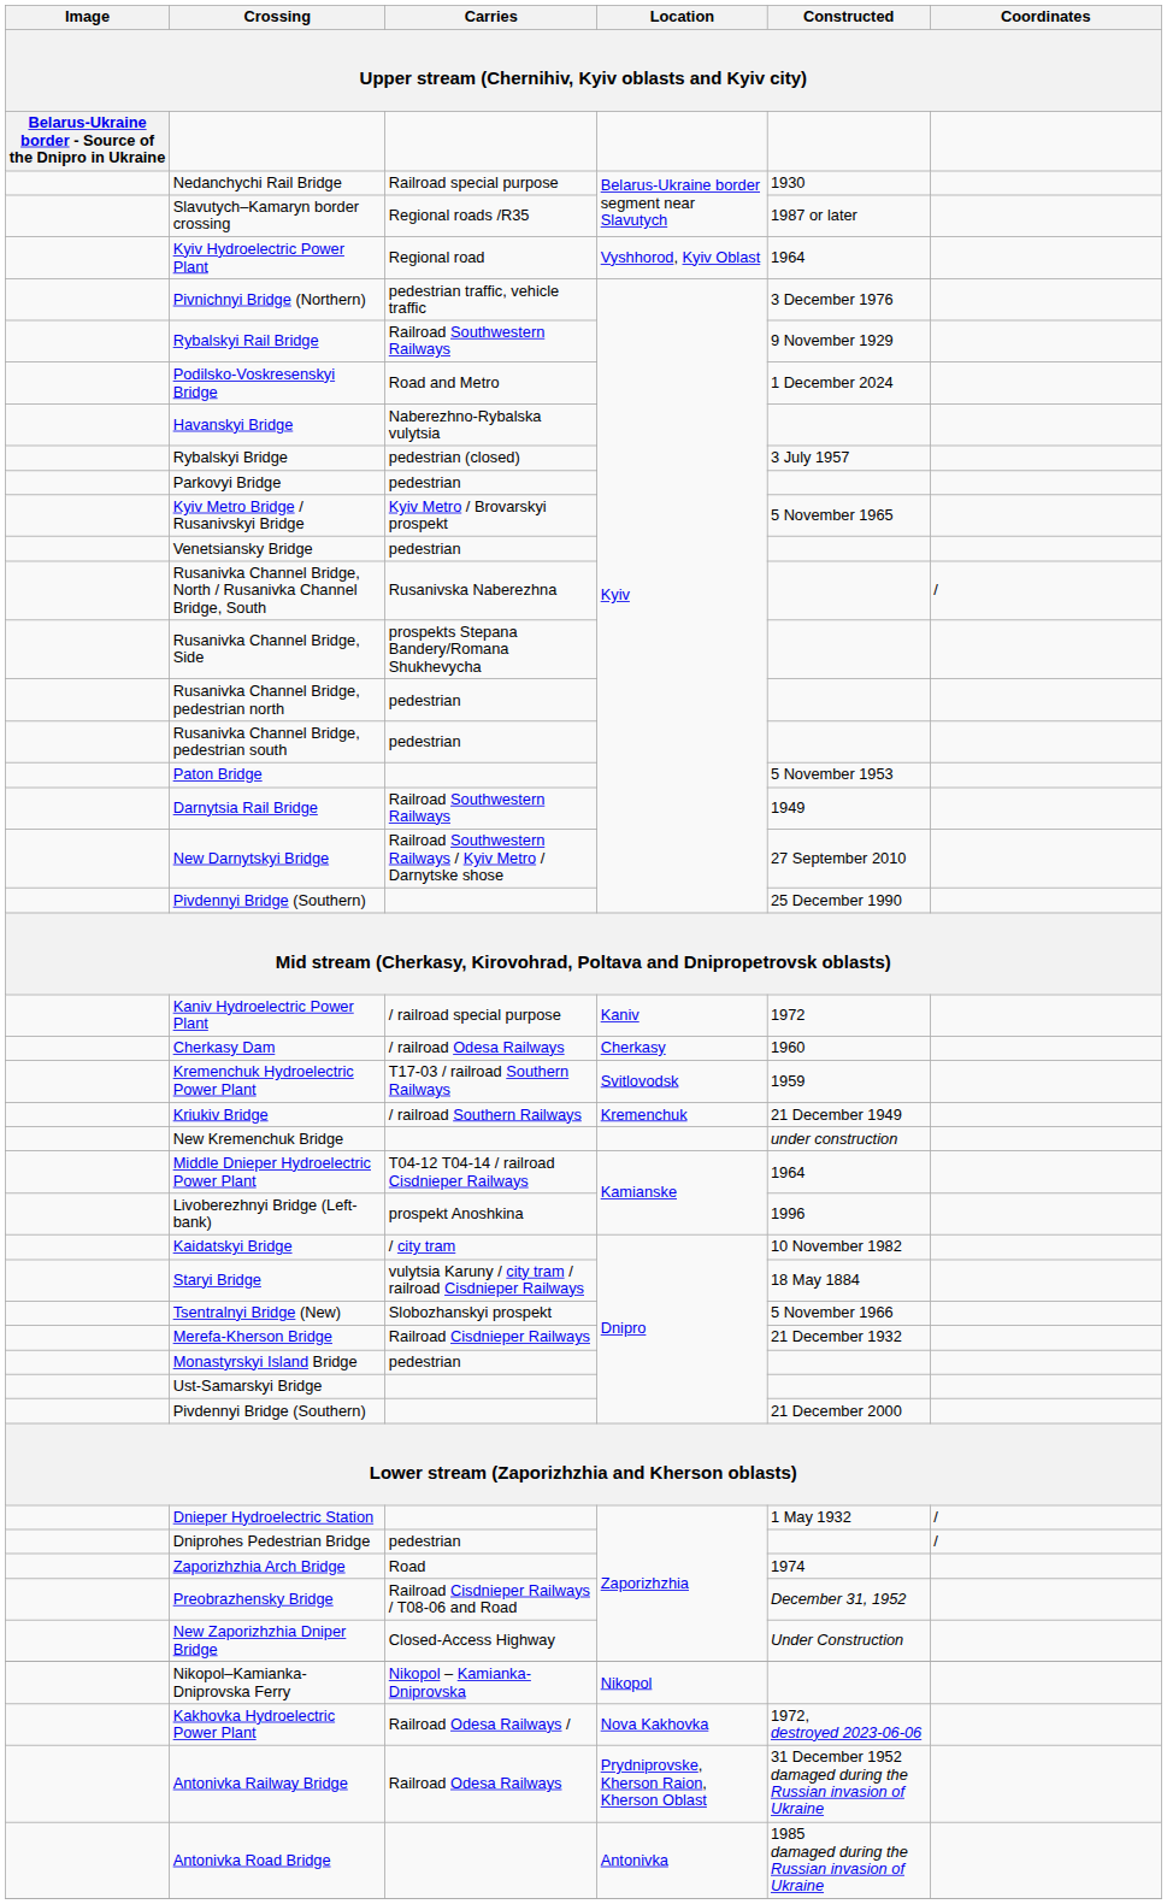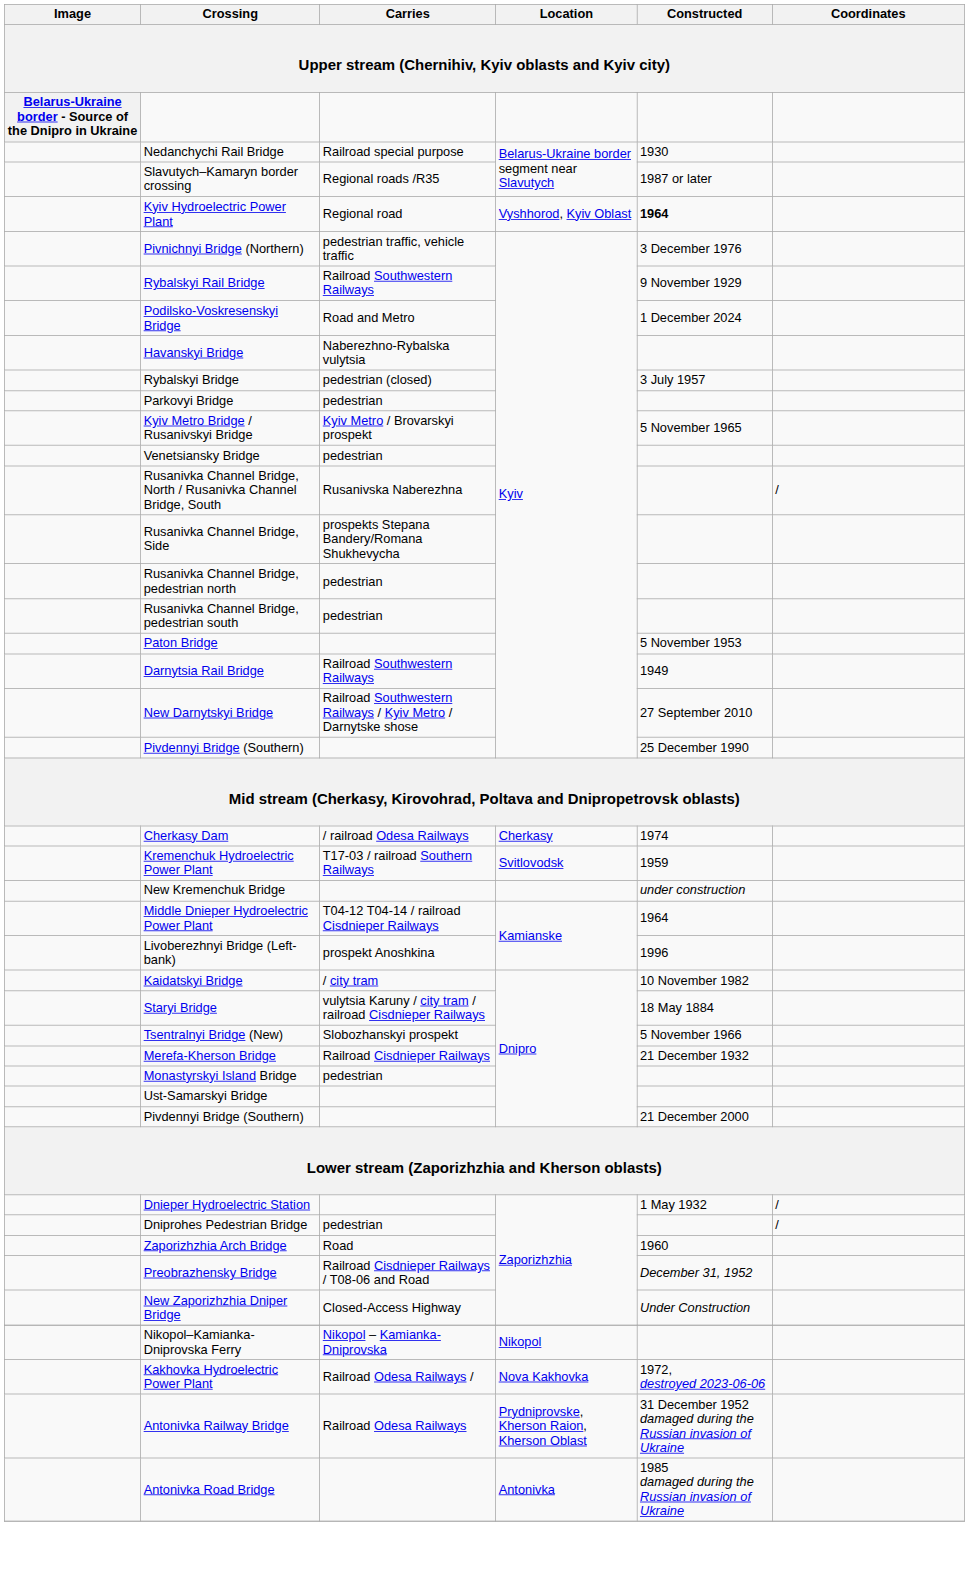 <table class="wikitable" width="95%">
 <tr>
 <th>Image</th>
 <th>Crossing</th>
 <th>Carries</th>
 <th>Location</th>
 <th>Constructed</th>
 <th width="20%">Coordinates</th>
 </tr>
 <tr>
 <th colspan="6"><br><h3>Upper stream (Chernihiv, Kyiv oblasts and Kyiv city)</h3></th>
 </tr>
 <tr>
 <th><a href='#'>Belarus-Ukraine border</a> - Source of the Dnipro in Ukraine</th>
 <td></td>
 <td></td>
 <td></td>
 <td></td>
 <td></td>
 </tr>
 <tr>
 <td></td>
 <td>Nedanchychi Rail Bridge</td>
 <td>Railroad special purpose</td>
 <td rowspan=2><a href='#'>Belarus-Ukraine border</a> segment near <a href='#'>Slavutych</a></td>
 <td>1930</td>
 <td></td>
 </tr>
 <tr>
 <td></td>
 <td>Slavutych–Kamaryn border crossing</td>
 <td>Regional roads /R35</td>
 <td>1987 or later</td>
 <td></td>
 </tr>
 <tr>
 <td></td>
 <td><a href='#'>Kyiv Hydroelectric Power Plant</a></td>
 <td>Regional road </td>
 <td><a href='#'>Vyshhorod</a>, <a href='#'>Kyiv Oblast</a></td>
-<td>1964</td>
+<td><strong>1964</strong></td>
 <td></td>
 </tr>
 <tr>
 <td></td>
 <td><a href='#'>Pivnichnyi Bridge</a> (Northern)</td>
 <td>pedestrian traffic, vehicle traffic</td>
 <td rowspan=16><a href='#'>Kyiv</a></td>
 <td>3 December 1976</td>
 <td></td>
 </tr>
 <tr>
 <td></td>
 <td><a href='#'>Rybalskyi Rail Bridge</a></td>
 <td>Railroad <a href='#'>Southwestern Railways</a></td>
 <td>9 November 1929</td>
 <td></td>
 </tr>
 <tr>
 <td></td>
 <td><a href='#'>Podilsko-Voskresenskyi Bridge</a></td>
 <td>Road and Metro</td>
 <td>1 December 2024</td>
 <td></td>
 </tr>
 <tr>
 <td></td>
 <td><a href='#'>Havanskyi Bridge</a></td>
 <td>Naberezhno-Rybalska vulytsia</td>
 <td></td>
 <td></td>
 </tr>
 <tr>
 <td></td>
 <td>Rybalskyi Bridge</td>
 <td>pedestrian (closed)</td>
 <td>3 July 1957</td>
 <td></td>
 </tr>
 <tr>
 <td></td>
 <td>Parkovyi Bridge</td>
 <td>pedestrian</td>
 <td></td>
 <td></td>
 </tr>
 <tr>
 <td></td>
 <td><a href='#'>Kyiv Metro Bridge</a> / Rusanivskyi Bridge</td>
 <td><a href='#'>Kyiv Metro</a> / Brovarskyi prospekt</td>
 <td>5 November 1965</td>
 <td></td>
 </tr>
 <tr>
 <td></td>
 <td>Venetsiansky Bridge</td>
 <td>pedestrian</td>
 <td></td>
 <td></td>
 </tr>
 <tr>
 <td></td>
 <td>Rusanivka Channel Bridge, North / Rusanivka Channel Bridge, South</td>
 <td>Rusanivska Naberezhna</td>
 <td></td>
 <td> / </td>
 </tr>
 <tr>
 <td></td>
 <td>Rusanivka Channel Bridge, Side</td>
 <td>prospekts Stepana Bandery/Romana Shukhevycha</td>
 <td></td>
 <td></td>
 </tr>
 <tr>
 <td></td>
 <td>Rusanivka Channel Bridge, pedestrian north</td>
 <td>pedestrian</td>
 <td></td>
 <td></td>
 </tr>
 <tr>
 <td></td>
 <td>Rusanivka Channel Bridge, pedestrian south</td>
 <td>pedestrian</td>
 <td></td>
 <td></td>
 </tr>
 <tr>
 <td></td>
 <td><a href='#'>Paton Bridge</a></td>
 <td></td>
 <td>5 November 1953</td>
 <td></td>
 </tr>
 <tr>
 <td></td>
 <td><a href='#'>Darnytsia Rail Bridge</a></td>
 <td>Railroad <a href='#'>Southwestern Railways</a></td>
 <td>1949</td>
 <td></td>
 </tr>
 <tr>
 <td></td>
 <td><a href='#'>New Darnytskyi Bridge</a></td>
 <td>Railroad <a href='#'>Southwestern Railways</a> / <a href='#'>Kyiv Metro</a> / Darnytske shose</td>
 <td>27 September 2010</td>
 <td></td>
 </tr>
 <tr>
 <td></td>
 <td><a href='#'>Pivdennyi Bridge</a> (Southern)</td>
 <td></td>
 <td>25 December 1990</td>
 <td></td>
 </tr>
 <tr>
 <th colspan="6"><br><h3>Mid stream (Cherkasy, Kirovohrad, Poltava and Dnipropetrovsk oblasts)</h3></th>
 </tr>
 <tr>
 <td></td>
-<td><a href='#'>Kaniv Hydroelectric Power Plant</a></td>
-<td>/ railroad special purpose</td>
-<td><a href='#'>Kaniv</a></td>
-<td>1972</td>
-<td></td>
-</tr>
-<tr>
-<td></td>
 <td><a href='#'>Cherkasy Dam</a></td>
 <td> / railroad <a href='#'>Odesa Railways</a></td>
 <td><a href='#'>Cherkasy</a></td>
-<td>1960</td>
+<td>1974</td>
 <td></td>
 </tr>
 <tr>
 <td></td>
 <td><a href='#'>Kremenchuk Hydroelectric Power Plant</a></td>
 <td>T17-03 / railroad <a href='#'>Southern Railways</a></td>
 <td><a href='#'>Svitlovodsk</a></td>
 <td>1959</td>
-<td></td>
-</tr>
-<tr>
-<td></td>
-<td><a href='#'>Kriukiv Bridge</a></td>
-<td>  / railroad <a href='#'>Southern Railways</a></td>
-<td><a href='#'>Kremenchuk</a></td>
-<td>21 December 1949</td>
 <td></td>
 </tr>
 <tr>
 <td></td>
 <td>New Kremenchuk Bridge</td>
 <td></td>
 <td></td>
 <td><em>under construction</em></td>
 <td></td>
 </tr>
 <tr>
 <td></td>
 <td><a href='#'>Middle Dnieper Hydroelectric Power Plant</a></td>
 <td>T04-12 T04-14 / railroad <a href='#'>Cisdnieper Railways</a></td>
 <td rowspan="2"><a href='#'>Kamianske</a></td>
 <td>1964</td>
 <td></td>
 </tr>
 <tr>
 <td></td>
 <td>Livoberezhnyi Bridge (Left-bank)</td>
 <td>prospekt Anoshkina</td>
 <td>1996</td>
 <td></td>
 </tr>
 <tr>
 <td></td>
 <td><a href='#'>Kaidatskyi Bridge</a></td>
 <td>  / <a href='#'>city tram</a></td>
 <td rowspan="7"><a href='#'>Dnipro</a></td>
 <td>10 November 1982</td>
 <td></td>
 </tr>
 <tr>
 <td></td>
 <td><a href='#'>Staryi Bridge</a></td>
 <td>vulytsia Karuny / <a href='#'>city tram</a> / railroad <a href='#'>Cisdnieper Railways</a></td>
 <td>18 May 1884</td>
 <td></td>
 </tr>
 <tr>
 <td></td>
 <td><a href='#'>Tsentralnyi Bridge</a> (New)</td>
 <td>Slobozhanskyi prospekt</td>
 <td>5 November 1966</td>
 <td></td>
 </tr>
 <tr>
 <td></td>
 <td><a href='#'>Merefa-Kherson Bridge</a></td>
 <td>Railroad <a href='#'>Cisdnieper Railways</a></td>
 <td>21 December 1932</td>
 <td></td>
 </tr>
 <tr>
 <td></td>
 <td><a href='#'>Monastyrskyi Island</a> Bridge</td>
 <td>pedestrian</td>
 <td></td>
 <td></td>
 </tr>
 <tr>
 <td></td>
 <td>Ust-Samarskyi Bridge</td>
 <td></td>
 <td></td>
 <td></td>
 </tr>
 <tr>
 <td></td>
 <td>Pivdennyi Bridge (Southern)</td>
 <td></td>
 <td>21 December 2000</td>
 <td></td>
 </tr>
 <tr>
 <th colspan="6"><br><h3>Lower stream (Zaporizhzhia and Kherson oblasts)</h3></th>
 </tr>
 <tr>
 <td></td>
 <td><a href='#'>Dnieper Hydroelectric Station</a></td>
 <td></td>
 <td rowspan="5"><a href='#'>Zaporizhzhia</a></td>
 <td>1 May 1932</td>
 <td> / </td>
 </tr>
 <tr>
 <td></td>
 <td>Dniprohes Pedestrian Bridge</td>
 <td>pedestrian</td>
 <td></td>
 <td> / </td>
 </tr>
 <tr>
 <td></td>
 <td><a href='#'>Zaporizhzhia Arch Bridge</a></td>
 <td>Road</td>
-<td>1974</td>
+<td>1960</td>
 <td></td>
 </tr>
 <tr>
 <td rowspan="1"></td>
 <td><a href='#'>Preobrazhensky Bridge</a></td>
 <td>Railroad <a href='#'>Cisdnieper Railways</a> / T08-06 and Road</td>
 <td rowspan="1"><em>December 31, 1952</em></td>
 <td></td>
 </tr>
 <tr>
 <td rowspan="1"></td>
 <td><a href='#'>New Zaporizhzhia Dniper Bridge</a></td>
 <td>Closed-Access Highway</td>
 <td rowspan="1"><em>Under Construction</em></td>
 <td></td>
 </tr>
 <tr>
 </tr>
 <tr>
 <td></td>
 <td>Nikopol–Kamianka-Dniprovska Ferry</td>
 <td><a href='#'>Nikopol</a> – <a href='#'>Kamianka-Dniprovska</a></td>
 <td rowspan="1"><a href='#'>Nikopol</a></td>
 <td></td>
 <td></td>
 </tr>
 <tr>
 <td></td>
 <td><a href='#'>Kakhovka Hydroelectric Power Plant</a></td>
 <td>Railroad <a href='#'>Odesa Railways</a> / </td>
 <td><a href='#'>Nova Kakhovka</a></td>
 <td>1972, <br><em><a href='#'>destroyed 2023-06-06</a></em></td>
 <td></td>
 </tr>
 <tr>
 <td></td>
 <td><a href='#'>Antonivka Railway Bridge</a></td>
 <td>Railroad <a href='#'>Odesa Railways</a></td>
 <td><a href='#'>Prydniprovske</a>, <a href='#'>Kherson Raion</a>, <a href='#'>Kherson Oblast</a></td>
 <td>31 December 1952 <br> <em>damaged during the <a href='#'>Russian invasion of Ukraine</a></em></td>
 <td></td>
 </tr>
 <tr>
 <td></td>
 <td><a href='#'>Antonivka Road Bridge</a></td>
 <td>   </td>
 <td><a href='#'>Antonivka</a></td>
 <td>1985 <br> <em>damaged during the <a href='#'>Russian invasion of Ukraine</a></em></td>
 <td></td>
 </tr>
 <tr>
 </tr>
 </table>
